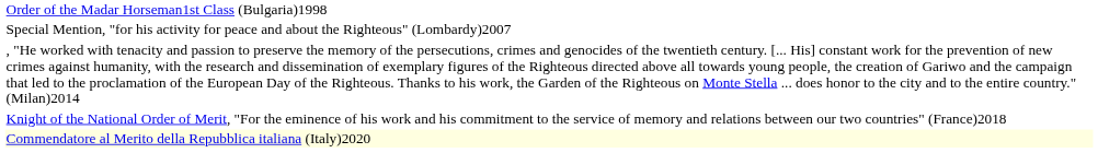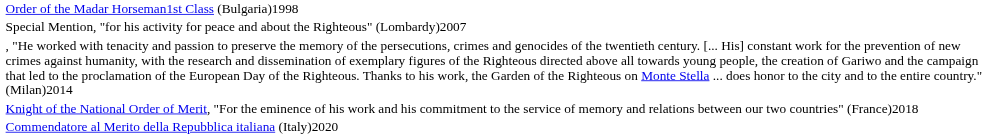 <table>
 <tr>
 <td style="width:60px; vertical-align:top;"></td>
 <td><a href='#'>Order of the Madar Horseman1st Class</a> (Bulgaria)1998</td>
 </tr>
 <tr>
 <td style="width:60px; vertical-align:top;"></td>
 <td>Special Mention, "for his activity for peace and about the Righteous" (Lombardy)2007</td>
 </tr>
 <tr>
 <td style="width:60px; vertical-align:top;"></td>
 <td>, "He worked with tenacity and passion to preserve the memory of the persecutions, crimes and genocides of the twentieth century. [... His] constant work for the prevention of new crimes against humanity, with the research and dissemination of exemplary figures of the Righteous directed above all towards young people, the creation of Gariwo and the campaign that led to the proclamation of the European Day of the Righteous. Thanks to his work, the Garden of the Righteous on <a href='#'>Monte Stella</a> ... does honor to the city and to the entire country." (Milan)2014</td>
 </tr>
 <tr>
 <td style="width:60px; vertical-align:top;"></td>
 <td><a href='#'>Knight of the National Order of Merit</a>, "For the eminence of his work and his commitment to the service of memory and relations between our two countries" (France)2018</td>
 </tr>
 <tr>
 <td style="width:60px; vertical-align:top;"></td>
-<td style="background: lightyellow;"><a href='#'>Commendatore al Merito della Repubblica italiana</a> (Italy)2020</td>
+<td><a href='#'>Commendatore al Merito della Repubblica italiana</a> (Italy)2020</td>
 </tr>
 </table>
